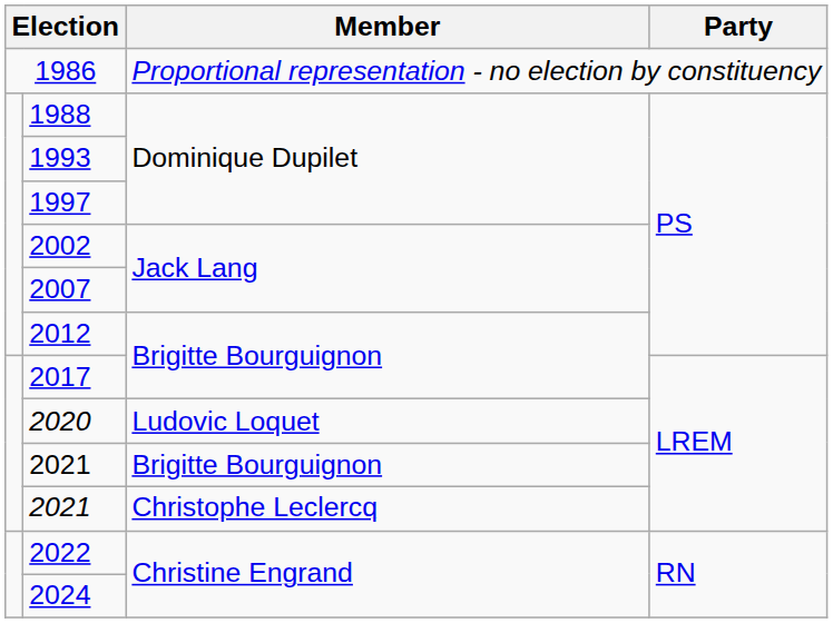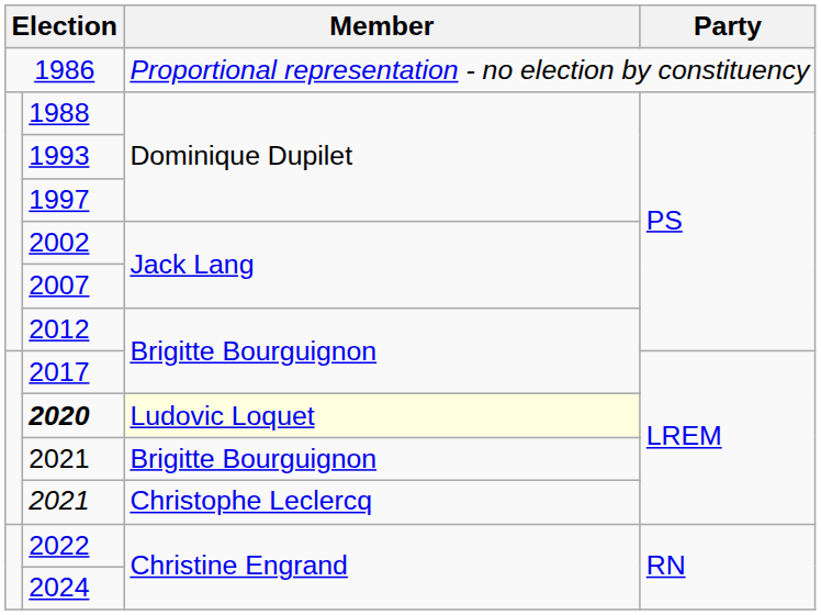 <table class="wikitable">
 <tr>
 <th colspan="2">Election</th>
 <th>Member</th>
 <th>Party</th>
 </tr>
 <tr>
 <td colspan="2" align="center"><a href='#'>1986</a></td>
 <td colspan="2"><em><a href='#'>Proportional representation</a> - no election by constituency</em></td>
 </tr>
 <tr>
 <td rowspan="6" style="background-color: "></td>
 <td><a href='#'>1988</a></td>
 <td rowspan="3">Dominique Dupilet</td>
 <td rowspan="6"><a href='#'>PS</a></td>
 </tr>
 <tr>
 <td><a href='#'>1993</a></td>
 </tr>
 <tr>
 <td><a href='#'>1997</a></td>
 </tr>
 <tr>
 <td><a href='#'>2002</a></td>
 <td rowspan="2"><a href='#'>Jack Lang</a></td>
 </tr>
 <tr>
 <td><a href='#'>2007</a></td>
 </tr>
 <tr>
 <td><a href='#'>2012</a></td>
 <td rowspan="2"><a href='#'>Brigitte Bourguignon</a></td>
 </tr>
 <tr>
 <td rowspan="4" style="background-color: "></td>
 <td><a href='#'>2017</a></td>
 <td rowspan="4"><a href='#'>LREM</a></td>
 </tr>
 <tr>
-<td><em>2020</em></td>
-<td><a href='#'>Ludovic Loquet</a></td>
+<td><strong><em>2020</em></strong></td>
+<td style="background: lightyellow;"><a href='#'>Ludovic Loquet</a></td>
 </tr>
 <tr>
 <td>2021</td>
 <td><a href='#'>Brigitte Bourguignon</a></td>
 </tr>
 <tr>
 <td><em>2021</em></td>
 <td><a href='#'>Christophe Leclercq</a></td>
 </tr>
 <tr>
 <td rowspan=2 style="color:inherit;background-color: "></td>
 <td><a href='#'>2022</a></td>
 <td rowspan="2"><a href='#'>Christine Engrand</a></td>
 <td rowspan="2"><a href='#'>RN</a></td>
 </tr>
 <tr>
 <td><a href='#'>2024</a></td>
 </tr>
 </table>
